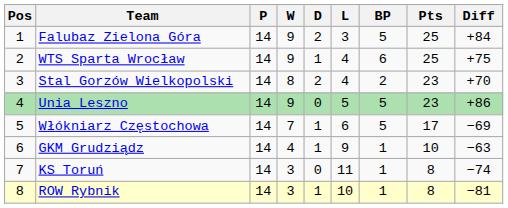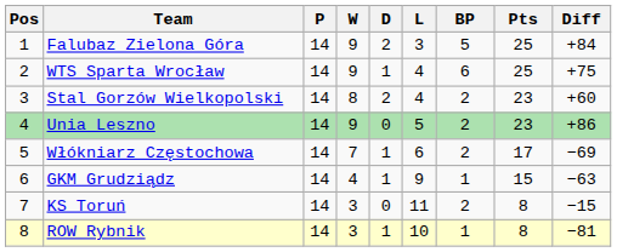 <table class="wikitable" style="font-size: 100%">
 <tr>
 <th width=20>Pos</th>
 <th width=200>Team</th>
 <th width=20>P</th>
 <th width=20>W</th>
 <th width=20>D</th>
 <th width=20>L</th>
 <th width=40>BP</th>
 <th width=40>Pts</th>
 <th width=40>Diff</th>
 </tr>
 <tr align=center>
 <td>1</td>
 <td align="left"><a href='#'>Falubaz Zielona Góra</a></td>
 <td>14</td>
 <td>9</td>
 <td>2</td>
 <td>3</td>
 <td>5</td>
 <td>25</td>
 <td>+84</td>
 </tr>
 <tr align=center>
 <td>2</td>
 <td align="left"><a href='#'>WTS Sparta Wrocław</a></td>
 <td>14</td>
 <td>9</td>
 <td>1</td>
 <td>4</td>
 <td>6</td>
 <td>25</td>
 <td>+75</td>
 </tr>
 <tr align=center>
 <td>3</td>
 <td align="left"><a href='#'>Stal Gorzów Wielkopolski</a></td>
 <td>14</td>
 <td>8</td>
 <td>2</td>
 <td>4</td>
 <td>2</td>
 <td>23</td>
-<td>+70</td>
+<td>+60</td>
 </tr>
 <tr align=center style="background:#ACE1AF;">
 <td>4</td>
 <td align="left"><a href='#'>Unia Leszno</a></td>
 <td>14</td>
 <td>9</td>
 <td>0</td>
 <td>5</td>
-<td>5</td>
+<td>2</td>
 <td>23</td>
 <td>+86</td>
 </tr>
 <tr align=center>
 <td>5</td>
 <td align="left"><a href='#'>Włókniarz Częstochowa</a></td>
 <td>14</td>
 <td>7</td>
 <td>1</td>
 <td>6</td>
-<td>5</td>
+<td>2</td>
 <td>17</td>
 <td>−69</td>
 </tr>
 <tr align=center>
 <td>6</td>
 <td align="left"><a href='#'>GKM Grudziądz</a></td>
 <td>14</td>
 <td>4</td>
 <td>1</td>
 <td>9</td>
 <td>1</td>
-<td>10</td>
+<td>15</td>
 <td>−63</td>
 </tr>
 <tr align=center>
 <td>7</td>
 <td align="left"><a href='#'>KS Toruń</a></td>
 <td>14</td>
 <td>3</td>
 <td>0</td>
 <td>11</td>
-<td>1</td>
+<td>2</td>
 <td>8</td>
-<td>−74</td>
+<td>−15</td>
 </tr>
 <tr align=center style="background: #ffffcc;">
 <td>8</td>
 <td align="left"><a href='#'>ROW Rybnik</a></td>
 <td>14</td>
 <td>3</td>
 <td>1</td>
 <td>10</td>
 <td>1</td>
 <td>8</td>
 <td>−81</td>
 </tr>
 </table>
